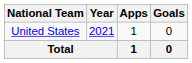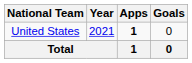 <table class="wikitable" style="text-align:center">
 <tr>
 <th>National Team</th>
 <th>Year</th>
 <th>Apps</th>
 <th>Goals</th>
 </tr>
 <tr>
 <td><a href='#'>United States</a></td>
 <td><a href='#'>2021</a></td>
-<td>1</td>
+<td><strong>1</strong></td>
 <td>0</td>
 </tr>
 <tr>
 <th colspan=2>Total</th>
 <th>1</th>
 <th>0</th>
 </tr>
 </table>
